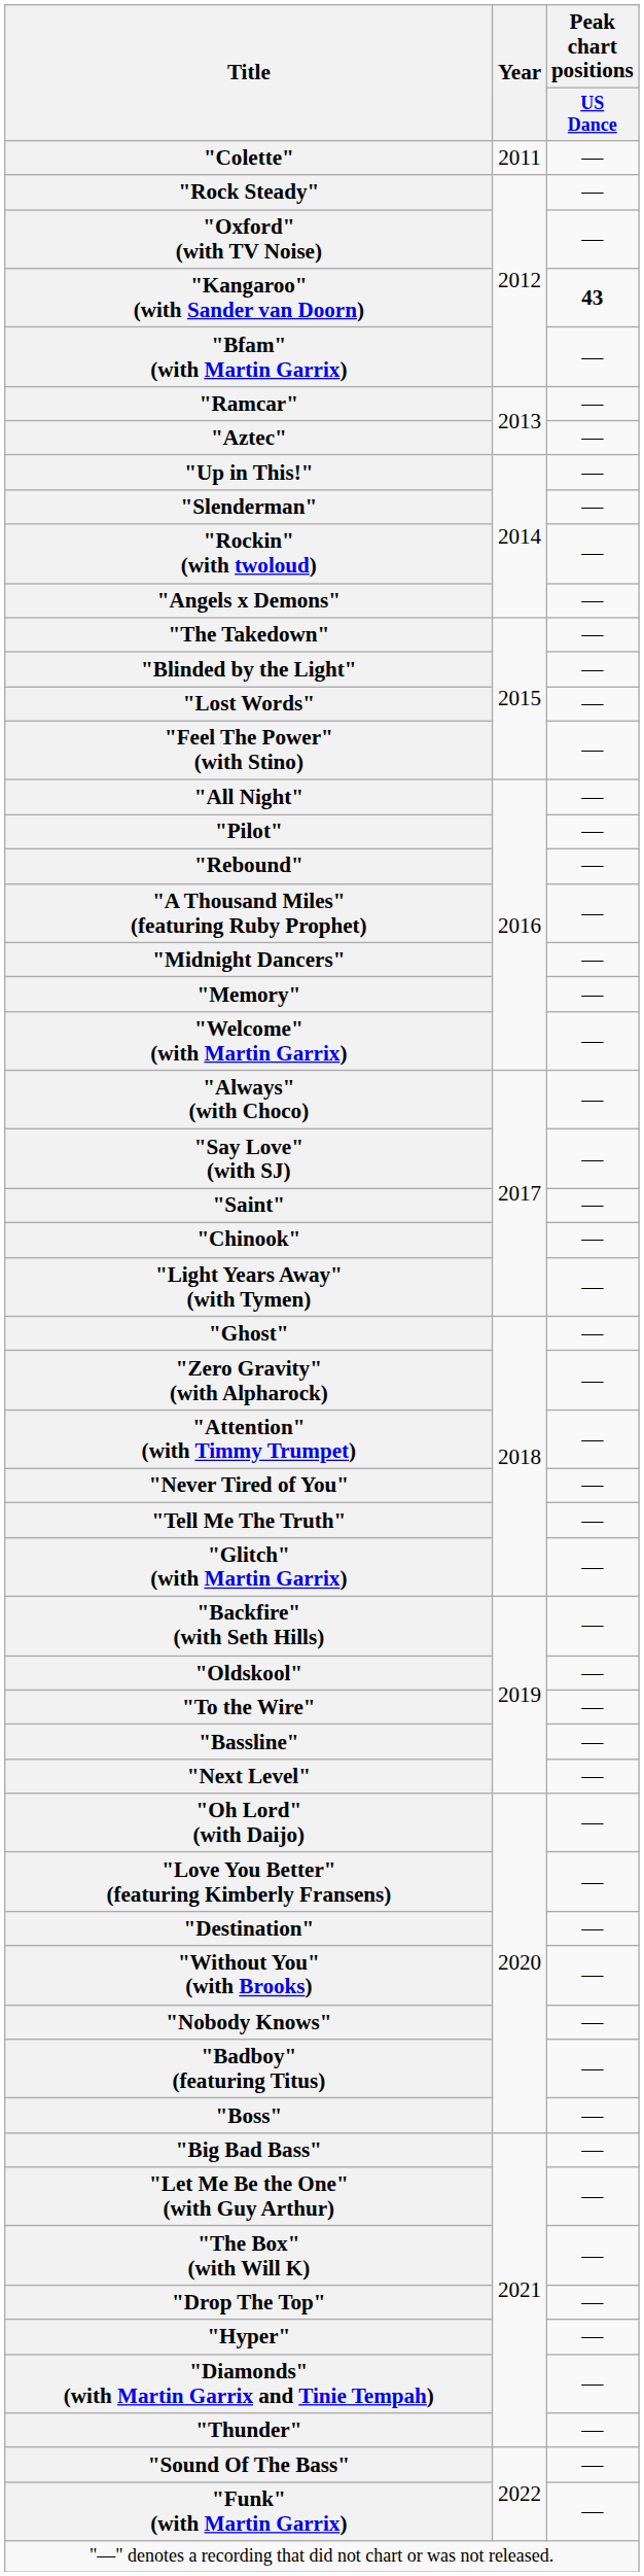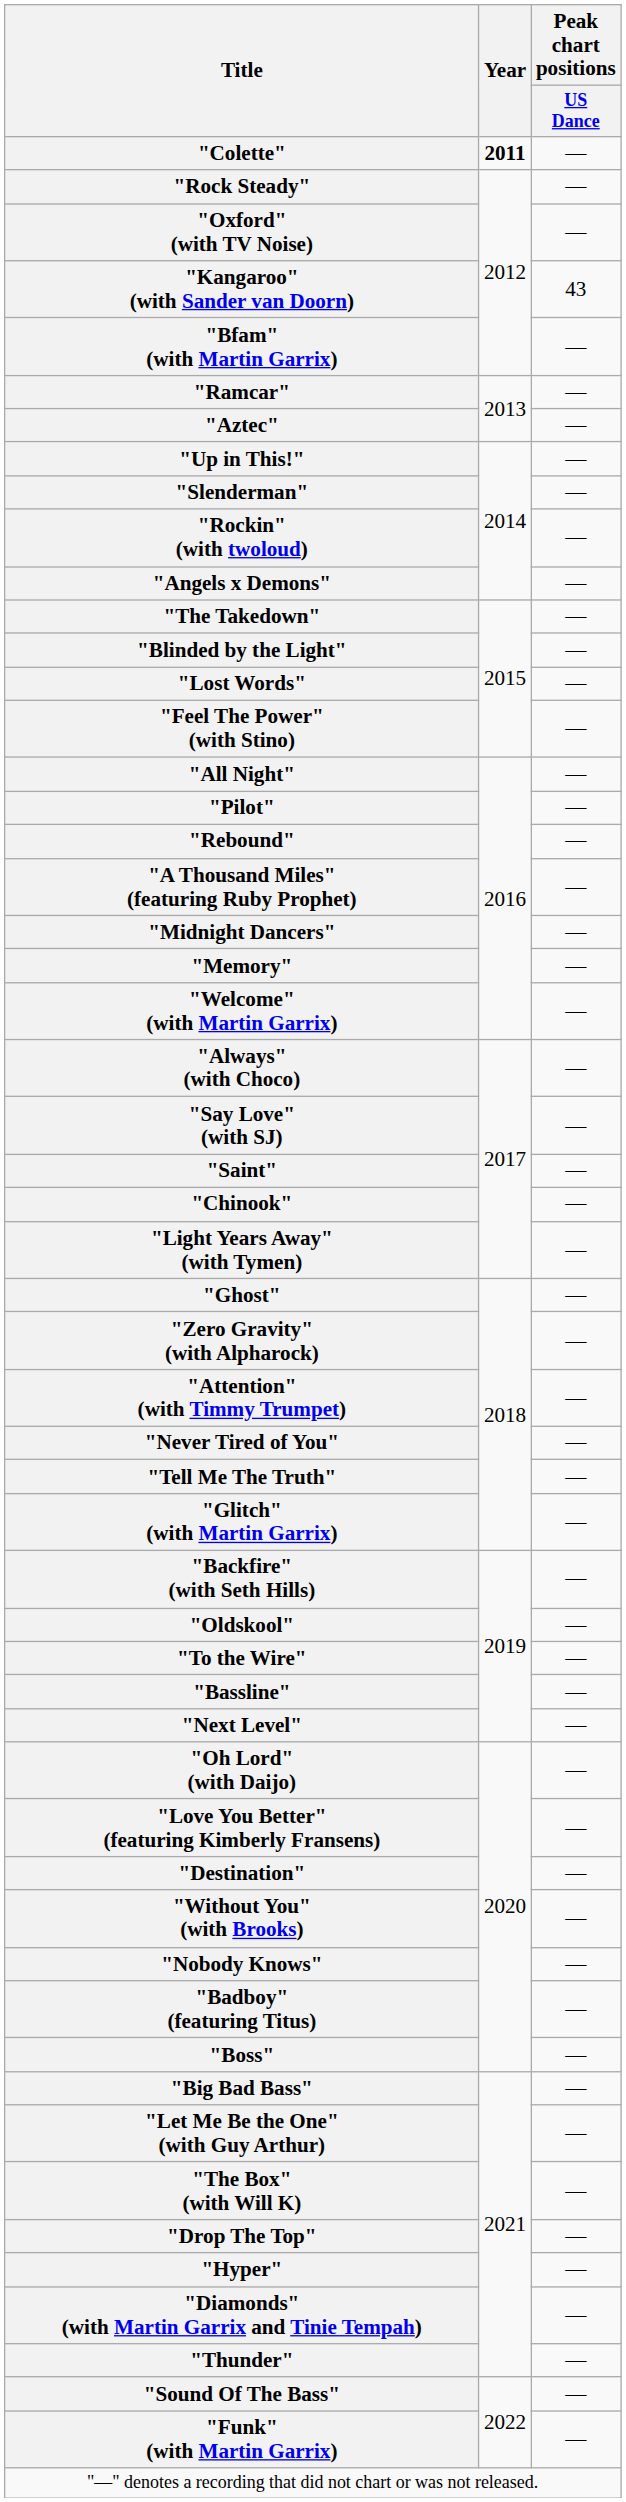 <table class="wikitable plainrowheaders" style="text-align:center;">
 <tr>
 <th scope="col" rowspan="2" style="width:22em;">Title</th>
 <th scope="col" rowspan="2" style="width:1em;">Year</th>
 <th scope="col">Peak chart positions</th>
 </tr>
 <tr>
 <th scope="col" style="width:3em;font-size:85%;"><a href='#'>US</a><br><a href='#'>Dance</a><br></th>
 </tr>
 <tr>
 <th scope="row">"Colette"</th>
-<td>2011</td>
+<td><strong>2011</strong></td>
 <td>—</td>
 </tr>
 <tr>
 <th scope="row">"Rock Steady"</th>
 <td rowspan="4">2012</td>
 <td>—</td>
 </tr>
 <tr>
 <th scope="row">"Oxford"<br><span>(with TV Noise)</span></th>
 <td>—</td>
 </tr>
 <tr>
 <th scope="row">"Kangaroo"<br><span>(with <a href='#'>Sander van Doorn</a>)</span></th>
-<td><strong>43</strong></td>
+<td>43</td>
 </tr>
 <tr>
 <th scope="row">"Bfam"<br><span>(with <a href='#'>Martin Garrix</a>)</span></th>
 <td>—</td>
 </tr>
 <tr>
 <th scope="row">"Ramcar"</th>
 <td rowspan="2">2013</td>
 <td>—</td>
 </tr>
 <tr>
 <th scope="row">"Aztec"</th>
 <td>—</td>
 </tr>
 <tr>
 <th scope="row">"Up in This!"</th>
 <td rowspan="4">2014</td>
 <td>—</td>
 </tr>
 <tr>
 <th scope="row">"Slenderman"</th>
 <td>—</td>
 </tr>
 <tr>
 <th scope="row">"Rockin"<br><span>(with <a href='#'>twoloud</a>)</span></th>
 <td>—</td>
 </tr>
 <tr>
 <th scope="row">"Angels x Demons"</th>
 <td>—</td>
 </tr>
 <tr>
 <th scope="row">"The Takedown"</th>
 <td rowspan="4">2015</td>
 <td>—</td>
 </tr>
 <tr>
 <th scope="row">"Blinded by the Light"</th>
 <td>—</td>
 </tr>
 <tr>
 <th scope="row">"Lost Words"</th>
 <td>—</td>
 </tr>
 <tr>
 <th scope="row">"Feel The Power"<br><span>(with Stino)</span></th>
 <td>—</td>
 </tr>
 <tr>
 <th scope="row">"All Night"</th>
 <td rowspan="7">2016</td>
 <td>—</td>
 </tr>
 <tr>
 <th scope="row">"Pilot"</th>
 <td>—</td>
 </tr>
 <tr>
 <th scope="row">"Rebound"</th>
 <td>—</td>
 </tr>
 <tr>
 <th scope="row">"A Thousand Miles"<br><span>(featuring Ruby Prophet)</span></th>
 <td>—</td>
 </tr>
 <tr>
 <th scope="row">"Midnight Dancers"</th>
 <td>—</td>
 </tr>
 <tr>
 <th scope="row">"Memory"</th>
 <td>—</td>
 </tr>
 <tr>
 <th scope="row">"Welcome" <br><span>(with <a href='#'>Martin Garrix</a>)</span></th>
 <td>—</td>
 </tr>
 <tr>
 <th scope="row">"Always" <br><span>(with Choco)</span></th>
 <td rowspan="5">2017</td>
 <td>—</td>
 </tr>
 <tr>
 <th scope="row">"Say Love" <br><span>(with SJ)</span></th>
 <td>—</td>
 </tr>
 <tr>
 <th scope="row">"Saint"</th>
 <td>—</td>
 </tr>
 <tr>
 <th scope="row">"Chinook"</th>
 <td>—</td>
 </tr>
 <tr>
 <th scope="row">"Light Years Away" <br><span>(with Tymen)</span></th>
 <td>—</td>
 </tr>
 <tr>
 <th scope="row">"Ghost"</th>
 <td rowspan="6">2018</td>
 <td>—</td>
 </tr>
 <tr>
 <th scope="row">"Zero Gravity" <br><span>(with Alpharock)</span></th>
 <td>—</td>
 </tr>
 <tr>
 <th scope="row">"Attention" <br><span>(with <a href='#'>Timmy Trumpet</a>)</span></th>
 <td>—</td>
 </tr>
 <tr>
 <th scope="row">"Never Tired of You"</th>
 <td>—</td>
 </tr>
 <tr>
 <th scope="row">"Tell Me The Truth"</th>
 <td>—</td>
 </tr>
 <tr>
 <th scope="row">"Glitch" <br><span>(with <a href='#'>Martin Garrix</a>)</span></th>
 <td>―</td>
 </tr>
 <tr>
 <th scope="row">"Backfire" <br><span>(with Seth Hills)</span></th>
 <td rowspan="5">2019</td>
 <td>―</td>
 </tr>
 <tr>
 <th scope="row">"Oldskool"</th>
 <td>―</td>
 </tr>
 <tr>
 <th scope="row">"To the Wire"</th>
 <td>―</td>
 </tr>
 <tr>
 <th scope="row">"Bassline"</th>
 <td>―</td>
 </tr>
 <tr>
 <th scope="row">"Next Level"</th>
 <td>―</td>
 </tr>
 <tr>
 <th scope="row">"Oh Lord" <br><span>(with Daijo)</span></th>
 <td rowspan="7">2020</td>
 <td>―</td>
 </tr>
 <tr>
 <th scope="row">"Love You Better" <br><span>(featuring Kimberly Fransens)</span></th>
 <td>―</td>
 </tr>
 <tr>
 <th scope="row">"Destination"</th>
 <td>―</td>
 </tr>
 <tr>
 <th scope="row">"Without You" <br><span>(with <a href='#'>Brooks</a>)</span></th>
 <td>―</td>
 </tr>
 <tr>
 <th scope="row">"Nobody Knows"</th>
 <td>―</td>
 </tr>
 <tr>
 <th scope="row">"Badboy" <br><span>(featuring Titus)</span></th>
 <td>―</td>
 </tr>
 <tr>
 <th scope="row">"Boss"</th>
 <td>—</td>
 </tr>
 <tr>
 <th scope="row">"Big Bad Bass"</th>
 <td rowspan="7">2021</td>
 <td>―</td>
 </tr>
 <tr>
 <th scope="row">"Let Me Be the One" <br><span>(with Guy Arthur)</span></th>
 <td>―</td>
 </tr>
 <tr>
 <th scope="row">"The Box" <br><span>(with Will K)</span></th>
 <td>―</td>
 </tr>
 <tr>
 <th scope="row">"Drop The Top"</th>
 <td>―</td>
 </tr>
 <tr>
 <th scope="row">"Hyper"</th>
 <td>―</td>
 </tr>
 <tr>
 <th scope="row">"Diamonds" <br><span>(with <a href='#'>Martin Garrix</a> and <a href='#'>Tinie Tempah</a>)</span></th>
 <td>—</td>
 </tr>
 <tr>
 <th scope="row">"Thunder"</th>
 <td>—</td>
 </tr>
 <tr>
 <th scope="row">"Sound Of The Bass"</th>
 <td rowspan="2">2022</td>
 <td>—</td>
 </tr>
 <tr>
 <th scope="row">"Funk"<br><span>(with <a href='#'>Martin Garrix</a>)</span></th>
 <td>—</td>
 </tr>
 <tr>
 <td colspan="3" style="font-size:85%">"—" denotes a recording that did not chart or was not released.</td>
 </tr>
 </table>
